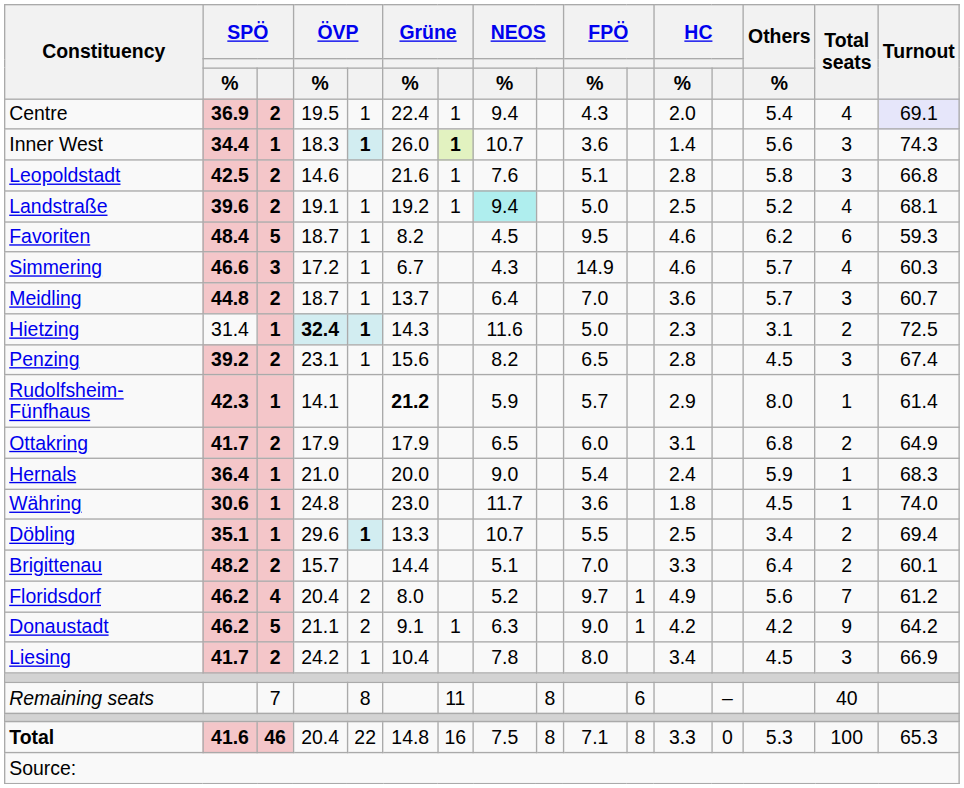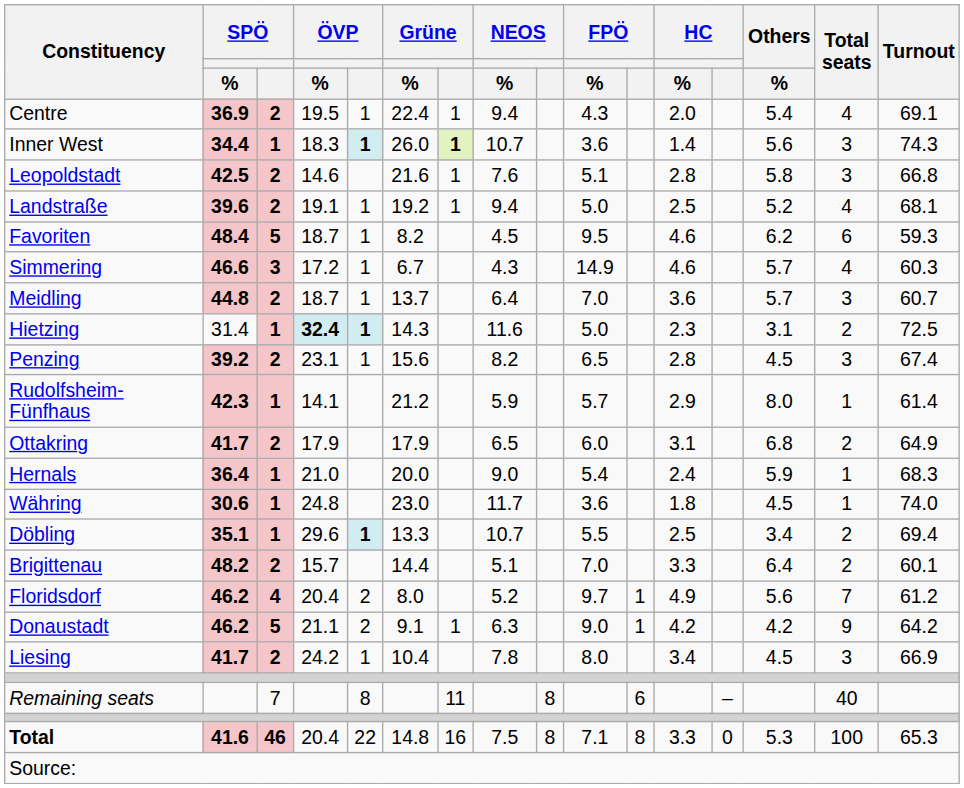 <table class="wikitable sortable" style="text-align:center;font-size:90%;line-height:16px;">
 <tr style="height:40px;">
 <th class="wikitable sortable" style="width:140px;" rowspan="3">Constituency</th>
 <th class="wikitable sortable" style="width:60px;" colspan="2"><a href='#'>SPÖ</a></th>
 <th class="wikitable sortable" style="width:60px;" colspan="2"><a href='#'>ÖVP</a></th>
 <th class="wikitable sortable" style="width:60px;" colspan="2"><a href='#'>Grüne</a></th>
 <th class="wikitable sortable" style="width:60px;" colspan="2"><a href='#'>NEOS</a></th>
 <th class="wikitable sortable" style="width:60px;" colspan="2"><a href='#'>FPÖ</a></th>
 <th class="wikitable sortable" style="width:60px;" colspan="2"><a href='#'>HC</a></th>
 <th class="wikitable sortable" style="width:40px;" rowspan="2">Others</th>
 <th class="wikitable sortable" style="width:40px;" rowspan="3">Total<br>seats</th>
 <th class="wikitable sortable" style="width:40px;" rowspan="3">Turnout</th>
 </tr>
 <tr>
 <th colspan="2" style="background:"></th>
 <th colspan="2" style="background:"></th>
 <th colspan="2" style="background:"></th>
 <th colspan="2" style="background:"></th>
 <th colspan="2" style="background:"></th>
 <th colspan="2" style="background:"></th>
 </tr>
 <tr>
 <th class="wikitable sortable">%</th>
 <th class=unsortable></th>
 <th class="wikitable sortable">%</th>
 <th class=unsortable></th>
 <th class="wikitable sortable">%</th>
 <th class=unsortable></th>
 <th class="wikitable sortable">%</th>
 <th class=unsortable></th>
 <th class="wikitable sortable">%</th>
 <th class=unsortable></th>
 <th class="wikitable sortable">%</th>
 <th class=unsortable></th>
 <th class="wikitable sortable">%</th>
 </tr>
 <tr>
 <td align=left>Centre</td>
 <td bgcolor=#F4C6C9><strong>36.9</strong></td>
 <td bgcolor=#F4C6C9><strong>2</strong></td>
 <td>19.5</td>
 <td>1</td>
 <td>22.4</td>
 <td>1</td>
 <td>9.4</td>
 <td></td>
 <td>4.3</td>
 <td></td>
 <td>2.0</td>
 <td></td>
 <td>5.4</td>
 <td>4</td>
-<td style="background: lavender;">69.1</td>
+<td>69.1</td>
 </tr>
 <tr>
 <td align=left>Inner West</td>
 <td bgcolor=#F4C6C9><strong>34.4</strong></td>
 <td bgcolor=#F4C6C9><strong>1</strong></td>
 <td>18.3</td>
 <td bgcolor=#D2EDF1><strong>1</strong></td>
 <td>26.0</td>
 <td bgcolor=#E2F2C0><strong>1</strong></td>
 <td>10.7</td>
 <td></td>
 <td>3.6</td>
 <td></td>
 <td>1.4</td>
 <td></td>
 <td>5.6</td>
 <td>3</td>
 <td>74.3</td>
 </tr>
 <tr>
 <td align=left><a href='#'>Leopoldstadt</a></td>
 <td bgcolor=#F4C6C9><strong>42.5</strong></td>
 <td bgcolor=#F4C6C9><strong>2</strong></td>
 <td>14.6</td>
 <td></td>
 <td>21.6</td>
 <td>1</td>
 <td>7.6</td>
 <td></td>
 <td>5.1</td>
 <td></td>
 <td>2.8</td>
 <td></td>
 <td>5.8</td>
 <td>3</td>
 <td>66.8</td>
 </tr>
 <tr>
 <td align=left><a href='#'>Landstraße</a></td>
 <td bgcolor=#F4C6C9><strong>39.6</strong></td>
 <td bgcolor=#F4C6C9><strong>2</strong></td>
 <td>19.1</td>
 <td>1</td>
 <td>19.2</td>
 <td>1</td>
-<td style="background: paleturquoise;">9.4</td>
+<td>9.4</td>
 <td></td>
 <td>5.0</td>
 <td></td>
 <td>2.5</td>
 <td></td>
 <td>5.2</td>
 <td>4</td>
 <td>68.1</td>
 </tr>
 <tr>
 <td align=left><a href='#'>Favoriten</a></td>
 <td bgcolor=#F4C6C9><strong>48.4</strong></td>
 <td bgcolor=#F4C6C9><strong>5</strong></td>
 <td>18.7</td>
 <td>1</td>
 <td>8.2</td>
 <td></td>
 <td>4.5</td>
 <td></td>
 <td>9.5</td>
 <td></td>
 <td>4.6</td>
 <td></td>
 <td>6.2</td>
 <td>6</td>
 <td>59.3</td>
 </tr>
 <tr>
 <td align=left><a href='#'>Simmering</a></td>
 <td bgcolor=#F4C6C9><strong>46.6</strong></td>
 <td bgcolor=#F4C6C9><strong>3</strong></td>
 <td>17.2</td>
 <td>1</td>
 <td>6.7</td>
 <td></td>
 <td>4.3</td>
 <td></td>
 <td>14.9</td>
 <td></td>
 <td>4.6</td>
 <td></td>
 <td>5.7</td>
 <td>4</td>
 <td>60.3</td>
 </tr>
 <tr>
 <td align=left><a href='#'>Meidling</a></td>
 <td bgcolor=#F4C6C9><strong>44.8</strong></td>
 <td bgcolor=#F4C6C9><strong>2</strong></td>
 <td>18.7</td>
 <td>1</td>
 <td>13.7</td>
 <td></td>
 <td>6.4</td>
 <td></td>
 <td>7.0</td>
 <td></td>
 <td>3.6</td>
 <td></td>
 <td>5.7</td>
 <td>3</td>
 <td>60.7</td>
 </tr>
 <tr>
 <td align=left><a href='#'>Hietzing</a></td>
 <td>31.4</td>
 <td bgcolor=#F4C6C9><strong>1</strong></td>
 <td bgcolor=#D2EDF1><strong>32.4</strong></td>
 <td bgcolor=#D2EDF1><strong>1</strong></td>
 <td>14.3</td>
 <td></td>
 <td>11.6</td>
 <td></td>
 <td>5.0</td>
 <td></td>
 <td>2.3</td>
 <td></td>
 <td>3.1</td>
 <td>2</td>
 <td>72.5</td>
 </tr>
 <tr>
 <td align=left><a href='#'>Penzing</a></td>
 <td bgcolor=#F4C6C9><strong>39.2</strong></td>
 <td bgcolor=#F4C6C9><strong>2</strong></td>
 <td>23.1</td>
 <td>1</td>
 <td>15.6</td>
 <td></td>
 <td>8.2</td>
 <td></td>
 <td>6.5</td>
 <td></td>
 <td>2.8</td>
 <td></td>
 <td>4.5</td>
 <td>3</td>
 <td>67.4</td>
 </tr>
 <tr>
 <td align=left><a href='#'>Rudolfsheim-Fünfhaus</a></td>
 <td bgcolor=#F4C6C9><strong>42.3</strong></td>
 <td bgcolor=#F4C6C9><strong>1</strong></td>
 <td>14.1</td>
 <td></td>
-<td><strong>21.2</strong></td>
+<td>21.2</td>
 <td></td>
 <td>5.9</td>
 <td></td>
 <td>5.7</td>
 <td></td>
 <td>2.9</td>
 <td></td>
 <td>8.0</td>
 <td>1</td>
 <td>61.4</td>
 </tr>
 <tr>
 <td align=left><a href='#'>Ottakring</a></td>
 <td bgcolor=#F4C6C9><strong>41.7</strong></td>
 <td bgcolor=#F4C6C9><strong>2</strong></td>
 <td>17.9</td>
 <td></td>
 <td>17.9</td>
 <td></td>
 <td>6.5</td>
 <td></td>
 <td>6.0</td>
 <td></td>
 <td>3.1</td>
 <td></td>
 <td>6.8</td>
 <td>2</td>
 <td>64.9</td>
 </tr>
 <tr>
 <td align=left><a href='#'>Hernals</a></td>
 <td bgcolor=#F4C6C9><strong>36.4</strong></td>
 <td bgcolor=#F4C6C9><strong>1</strong></td>
 <td>21.0</td>
 <td></td>
 <td>20.0</td>
 <td></td>
 <td>9.0</td>
 <td></td>
 <td>5.4</td>
 <td></td>
 <td>2.4</td>
 <td></td>
 <td>5.9</td>
 <td>1</td>
 <td>68.3</td>
 </tr>
 <tr>
 <td align=left><a href='#'>Währing</a></td>
 <td bgcolor=#F4C6C9><strong>30.6</strong></td>
 <td bgcolor=#F4C6C9><strong>1</strong></td>
 <td>24.8</td>
 <td></td>
 <td>23.0</td>
 <td></td>
 <td>11.7</td>
 <td></td>
 <td>3.6</td>
 <td></td>
 <td>1.8</td>
 <td></td>
 <td>4.5</td>
 <td>1</td>
 <td>74.0</td>
 </tr>
 <tr>
 <td align=left><a href='#'>Döbling</a></td>
 <td bgcolor=#F4C6C9><strong>35.1</strong></td>
 <td bgcolor=#F4C6C9><strong>1</strong></td>
 <td>29.6</td>
 <td bgcolor=#D2EDF1><strong>1</strong></td>
 <td>13.3</td>
 <td></td>
 <td>10.7</td>
 <td></td>
 <td>5.5</td>
 <td></td>
 <td>2.5</td>
 <td></td>
 <td>3.4</td>
 <td>2</td>
 <td>69.4</td>
 </tr>
 <tr>
 <td align=left><a href='#'>Brigittenau</a></td>
 <td bgcolor=#F4C6C9><strong>48.2</strong></td>
 <td bgcolor=#F4C6C9><strong>2</strong></td>
 <td>15.7</td>
 <td></td>
 <td>14.4</td>
 <td></td>
 <td>5.1</td>
 <td></td>
 <td>7.0</td>
 <td></td>
 <td>3.3</td>
 <td></td>
 <td>6.4</td>
 <td>2</td>
 <td>60.1</td>
 </tr>
 <tr>
 <td align=left><a href='#'>Floridsdorf</a></td>
 <td bgcolor=#F4C6C9><strong>46.2</strong></td>
 <td bgcolor=#F4C6C9><strong>4</strong></td>
 <td>20.4</td>
 <td>2</td>
 <td>8.0</td>
 <td></td>
 <td>5.2</td>
 <td></td>
 <td>9.7</td>
 <td>1</td>
 <td>4.9</td>
 <td></td>
 <td>5.6</td>
 <td>7</td>
 <td>61.2</td>
 </tr>
 <tr>
 <td align=left><a href='#'>Donaustadt</a></td>
 <td bgcolor=#F4C6C9><strong>46.2</strong></td>
 <td bgcolor=#F4C6C9><strong>5</strong></td>
 <td>21.1</td>
 <td>2</td>
 <td>9.1</td>
 <td>1</td>
 <td>6.3</td>
 <td></td>
 <td>9.0</td>
 <td>1</td>
 <td>4.2</td>
 <td></td>
 <td>4.2</td>
 <td>9</td>
 <td>64.2</td>
 </tr>
 <tr>
 <td align=left><a href='#'>Liesing</a></td>
 <td bgcolor=#F4C6C9><strong>41.7</strong></td>
 <td bgcolor=#F4C6C9><strong>2</strong></td>
 <td>24.2</td>
 <td>1</td>
 <td>10.4</td>
 <td></td>
 <td>7.8</td>
 <td></td>
 <td>8.0</td>
 <td></td>
 <td>3.4</td>
 <td></td>
 <td>4.5</td>
 <td>3</td>
 <td>66.9</td>
 </tr>
 <tr>
 <td colspan=16 bgcolor=lightgrey></td>
 </tr>
 <tr>
 <td align=left><em>Remaining seats</em></td>
 <td></td>
 <td>7</td>
 <td></td>
 <td>8</td>
 <td></td>
 <td>11</td>
 <td></td>
 <td>8</td>
 <td></td>
 <td>6</td>
 <td></td>
 <td>–</td>
 <td></td>
 <td>40</td>
 <td></td>
 </tr>
 <tr>
 <td colspan=16 bgcolor=lightgrey></td>
 </tr>
 <tr>
 <td align=left><strong>Total</strong></td>
 <td bgcolor=#F4C6C9><strong>41.6</strong></td>
 <td bgcolor=#F4C6C9><strong>46</strong></td>
 <td>20.4</td>
 <td>22</td>
 <td>14.8</td>
 <td>16</td>
 <td>7.5</td>
 <td>8</td>
 <td>7.1</td>
 <td>8</td>
 <td>3.3</td>
 <td>0</td>
 <td>5.3</td>
 <td>100</td>
 <td>65.3</td>
 </tr>
 <tr class=sortbottom>
 <td colspan=16 align=left>Source: </td>
 </tr>
 </table>
